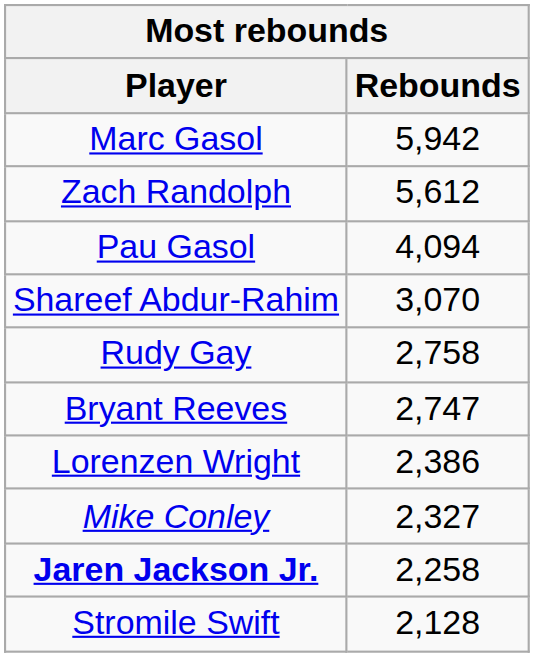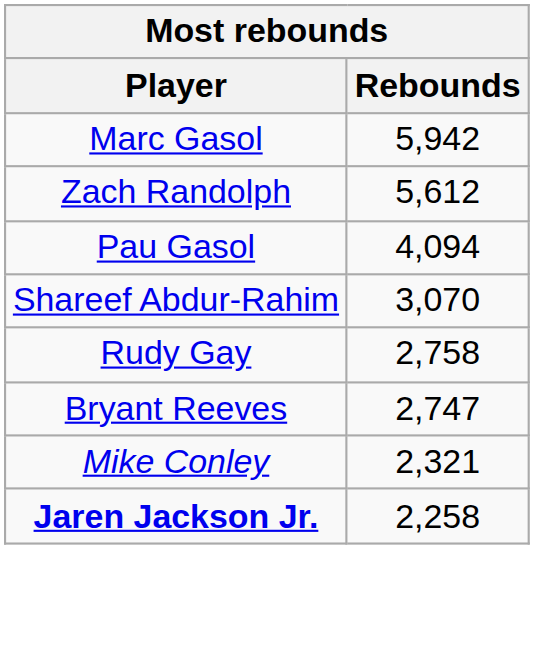 <table class="wikitable sortable" style="text-align:center">
 <tr>
 <th colspan="2" style="text-align:center; ">Most rebounds</th>
 </tr>
 <tr>
 <th style="text-align:center; ">Player</th>
 <th style="text-align:center; ">Rebounds</th>
 </tr>
 <tr>
 <td><a href='#'>Marc Gasol</a></td>
 <td>5,942</td>
 </tr>
 <tr>
 <td><a href='#'>Zach Randolph</a></td>
 <td>5,612</td>
 </tr>
 <tr>
 <td><a href='#'>Pau Gasol</a></td>
 <td>4,094</td>
 </tr>
 <tr>
 <td><a href='#'>Shareef Abdur-Rahim</a></td>
 <td>3,070</td>
 </tr>
 <tr>
 <td><a href='#'>Rudy Gay</a></td>
 <td>2,758</td>
 </tr>
 <tr>
 <td><a href='#'>Bryant Reeves</a></td>
 <td>2,747</td>
 </tr>
 <tr>
-<td><a href='#'>Lorenzen Wright</a></td>
-<td>2,386</td>
-</tr>
-<tr>
 <td><em><a href='#'>Mike Conley</a></em></td>
-<td>2,327</td>
+<td>2,321</td>
 </tr>
 <tr>
 <td><strong><a href='#'>Jaren Jackson Jr.</a></strong></td>
 <td>2,258</td>
 </tr>
-<tr>
-<td><a href='#'>Stromile Swift</a></td>
-<td>2,128</td>
-</tr>
 </table>
